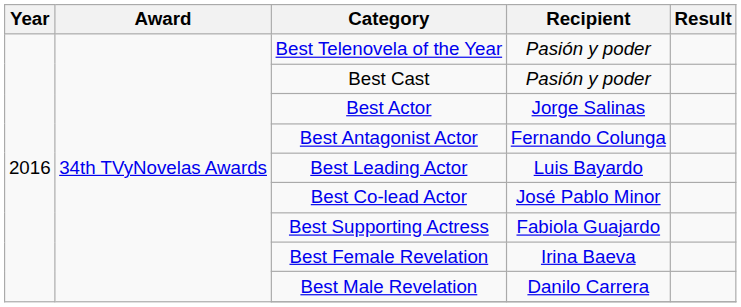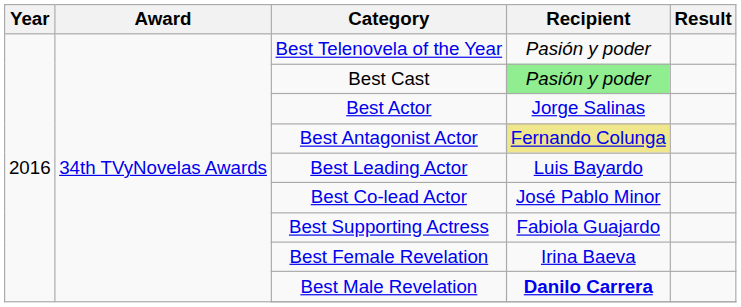 <table class="wikitable plainrowheaders" style="text-align:center;">
 <tr>
 <th scope="col">Year</th>
 <th scope="col">Award</th>
 <th scope="col">Category</th>
 <th scope="col">Recipient</th>
 <th scope="col">Result</th>
 </tr>
 <tr>
 <td rowspan=10>2016</td>
 <td rowspan=10><a href='#'>34th TVyNovelas Awards</a></td>
 <td><a href='#'>Best Telenovela of the Year</a></td>
 <td><em>Pasión y poder</em></td>
 <td></td>
 </tr>
 <tr>
 <td>Best Cast</td>
-<td><em>Pasión y poder</em></td>
+<td style="background: lightgreen;"><em>Pasión y poder</em></td>
 <td></td>
 </tr>
 <tr>
 <td><a href='#'>Best Actor</a></td>
 <td><a href='#'>Jorge Salinas</a></td>
 <td></td>
 </tr>
 <tr>
 <td><a href='#'>Best Antagonist Actor</a></td>
-<td><a href='#'>Fernando Colunga</a></td>
+<td style="background: khaki;"><a href='#'>Fernando Colunga</a></td>
 <td></td>
 </tr>
 <tr>
 <td><a href='#'>Best Leading Actor</a></td>
 <td><a href='#'>Luis Bayardo</a></td>
 <td></td>
 </tr>
 <tr>
 <td><a href='#'>Best Co-lead Actor</a></td>
 <td><a href='#'>José Pablo Minor</a></td>
 <td></td>
 </tr>
 <tr>
 <td><a href='#'>Best Supporting Actress</a></td>
 <td><a href='#'>Fabiola Guajardo</a></td>
 <td></td>
 </tr>
 <tr>
 <td><a href='#'>Best Female Revelation</a></td>
 <td><a href='#'>Irina Baeva</a></td>
 <td></td>
 </tr>
 <tr>
 <td><a href='#'>Best Male Revelation</a></td>
-<td><a href='#'>Danilo Carrera</a></td>
+<td><strong><a href='#'>Danilo Carrera</a></strong></td>
 <td></td>
 </tr>
 <tr>
 </tr>
 </table>
